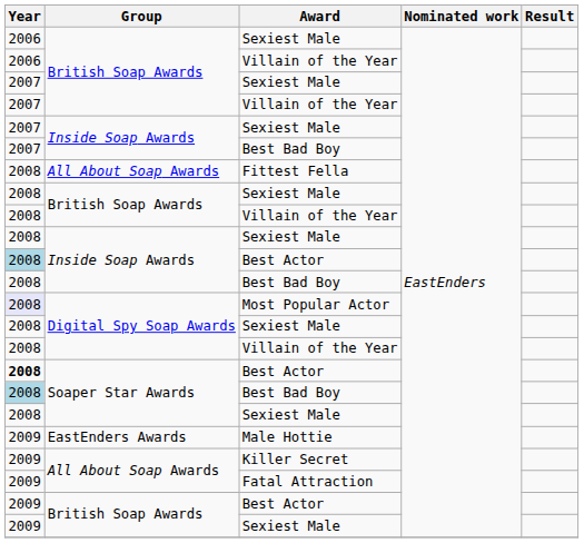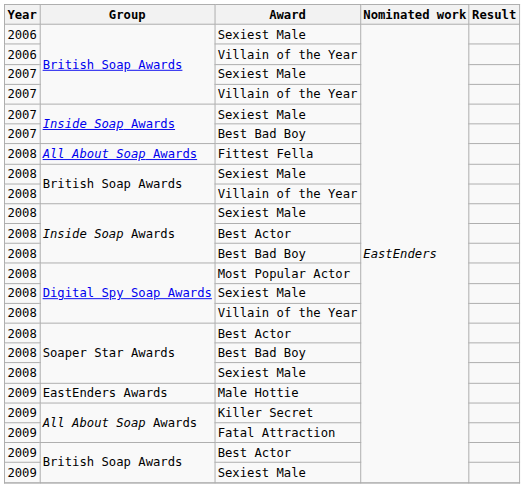 <table class= "wikitable sortable">
 <tr>
 <th>Year</th>
 <th>Group</th>
 <th>Award</th>
 <th>Nominated work</th>
 <th>Result</th>
 </tr>
 <tr>
 <td>2006</td>
 <td rowspan="4"><a href='#'>British Soap Awards</a></td>
 <td>Sexiest Male</td>
 <td rowspan="23"><em>EastEnders</em></td>
 <td></td>
 </tr>
 <tr>
 <td>2006</td>
 <td>Villain of the Year</td>
 <td></td>
 </tr>
 <tr>
 <td>2007</td>
 <td>Sexiest Male</td>
 <td></td>
 </tr>
 <tr>
 <td>2007</td>
 <td>Villain of the Year</td>
 <td></td>
 </tr>
 <tr>
 <td>2007</td>
 <td rowspan="2"><a href='#'><em>Inside Soap</em> Awards</a></td>
 <td>Sexiest Male</td>
 <td></td>
 </tr>
 <tr>
 <td>2007</td>
 <td>Best Bad Boy</td>
 <td></td>
 </tr>
 <tr>
 <td>2008</td>
 <td><a href='#'><em>All About Soap</em> Awards</a></td>
 <td>Fittest Fella</td>
 <td></td>
 </tr>
 <tr>
 <td>2008</td>
 <td rowspan="2">British Soap Awards</td>
 <td>Sexiest Male</td>
 <td></td>
 </tr>
 <tr>
 <td>2008</td>
 <td>Villain of the Year</td>
 <td></td>
 </tr>
 <tr>
 <td>2008</td>
 <td rowspan="3"><em>Inside Soap</em> Awards</td>
 <td>Sexiest Male</td>
 <td></td>
 </tr>
 <tr>
-<td style="background: lightblue;">2008</td>
+<td>2008</td>
 <td>Best Actor</td>
 <td></td>
 </tr>
 <tr>
 <td>2008</td>
 <td>Best Bad Boy</td>
 <td></td>
 </tr>
 <tr>
-<td style="background: lavender;">2008</td>
+<td>2008</td>
 <td rowspan="3"><a href='#'>Digital Spy Soap Awards</a></td>
 <td>Most Popular Actor</td>
 <td></td>
 </tr>
 <tr>
 <td>2008</td>
 <td>Sexiest Male</td>
 <td></td>
 </tr>
 <tr>
 <td>2008</td>
 <td>Villain of the Year</td>
 <td></td>
 </tr>
 <tr>
-<td><strong>2008</strong></td>
+<td>2008</td>
 <td rowspan="3">Soaper Star Awards</td>
 <td>Best Actor</td>
 <td></td>
 </tr>
 <tr>
-<td style="background: lightblue;">2008</td>
+<td>2008</td>
 <td>Best Bad Boy</td>
 <td></td>
 </tr>
 <tr>
 <td>2008</td>
 <td>Sexiest Male</td>
 <td></td>
 </tr>
 <tr>
 <td>2009</td>
 <td>EastEnders Awards</td>
 <td>Male Hottie</td>
 <td></td>
 </tr>
 <tr>
 <td>2009</td>
 <td rowspan="2"><em>All About Soap</em> Awards</td>
 <td>Killer Secret</td>
 <td></td>
 </tr>
 <tr>
 <td>2009</td>
 <td>Fatal Attraction</td>
 <td></td>
 </tr>
 <tr>
 <td>2009</td>
 <td rowspan="2">British Soap Awards</td>
 <td>Best Actor</td>
 <td></td>
 </tr>
 <tr>
 <td>2009</td>
 <td>Sexiest Male</td>
 <td></td>
 </tr>
 <tr>
 </tr>
 </table>
